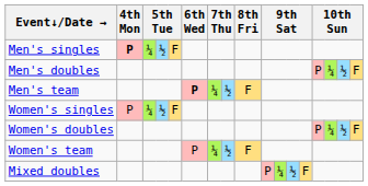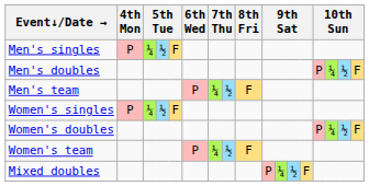 <table class="wikitable" style="margin:0.5em auto; font-size:90%; line-height:1.25em; text-align:center;">
 <tr>
 <th>Event↓/Date →</th>
 <th>4th<br>Mon</th>
 <th colspan=3>5th<br>Tue</th>
 <th>6th<br>Wed</th>
 <th colspan=2>7th<br>Thu</th>
 <th>8th<br>Fri</th>
 <th colspan=4>9th<br>Sat</th>
 <th colspan=4>10th<br>Sun</th>
 </tr>
 <tr>
 <td align="left"><a href='#'>Men's singles</a></td>
-<td bgcolor="#FFBBBB"><strong>P</strong></td>
+<td bgcolor="#FFBBBB">P</td>
 <td bgcolor="#AFF55B">¼</td>
 <td bgcolor="#97DEFF">½</td>
 <td bgcolor="#FFDF80">F</td>
 <td></td>
 <td colspan=2></td>
 <td></td>
 <td colspan=4></td>
 <td colspan=4></td>
 </tr>
 <tr>
 <td align="left"><a href='#'>Men's doubles</a></td>
 <td></td>
 <td colspan=3></td>
 <td></td>
 <td colspan=2></td>
 <td></td>
 <td colspan=4></td>
 <td bgcolor="#FFBBBB">P</td>
 <td bgcolor="#AFF55B">¼</td>
 <td bgcolor="#97DEFF">½</td>
 <td bgcolor="#FFDF80">F</td>
 </tr>
 <tr>
 <td align="left"><a href='#'>Men's team</a></td>
 <td></td>
 <td colspan=3></td>
-<td bgcolor="#FFBBBB"><strong>P</strong></td>
+<td bgcolor="#FFBBBB">P</td>
 <td bgcolor="#AFF55B">¼</td>
 <td bgcolor="#97DEFF">½</td>
 <td bgcolor="#FFDF80">F</td>
 <td colspan=4></td>
 </tr>
 <tr>
 <td align="left"><a href='#'>Women's singles</a></td>
 <td bgcolor="#FFBBBB">P</td>
 <td bgcolor="#AFF55B">¼</td>
 <td bgcolor="#97DEFF">½</td>
 <td bgcolor="#FFDF80">F</td>
 <td></td>
 <td colspan=2></td>
 <td></td>
 <td colspan=4></td>
 <td colspan=4></td>
 </tr>
 <tr>
 <td align="left"><a href='#'>Women's doubles</a></td>
 <td></td>
 <td colspan=3></td>
 <td></td>
 <td colspan=2></td>
 <td></td>
 <td colspan=4></td>
 <td bgcolor="#FFBBBB">P</td>
 <td bgcolor="#AFF55B">¼</td>
 <td bgcolor="#97DEFF">½</td>
 <td bgcolor="#FFDF80">F</td>
 </tr>
 <tr>
 <td align="left"><a href='#'>Women's team</a></td>
 <td></td>
 <td colspan=3></td>
 <td bgcolor="#FFBBBB">P</td>
 <td bgcolor="#AFF55B">¼</td>
 <td bgcolor="#97DEFF">½</td>
 <td bgcolor="#FFDF80">F</td>
 <td colspan=4></td>
 </tr>
 <tr>
 <td align="left"><a href='#'>Mixed doubles</a></td>
 <td></td>
 <td colspan=3></td>
 <td></td>
 <td colspan=2></td>
 <td></td>
 <td bgcolor="#FFBBBB">P</td>
 <td bgcolor="#AFF55B">¼</td>
 <td bgcolor="#97DEFF">½</td>
 <td bgcolor="#FFDF80">F</td>
 <td colspan=4></td>
 </tr>
 </table>
